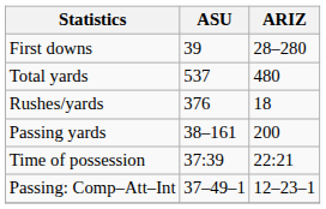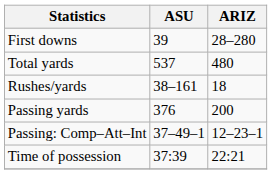 <table class="wikitable" style="float: left;">
 <tr>
 <th>Statistics</th>
 <th>ASU</th>
 <th>ARIZ</th>
 </tr>
 <tr>
 <td>First downs</td>
 <td>39</td>
 <td>28–280</td>
 </tr>
 <tr>
 <td>Total yards</td>
 <td>537</td>
 <td>480</td>
 </tr>
 <tr>
 <td>Rushes/yards</td>
-<td>376</td>
+<td>38–161</td>
 <td>18</td>
 </tr>
 <tr>
 <td>Passing yards</td>
-<td>38–161</td>
+<td>376</td>
 <td>200</td>
+</tr>
+<tr>
+<td>Passing: Comp–Att–Int</td>
+<td>37–49–1</td>
+<td>12–23–1</td>
 </tr>
 <tr>
 <td>Time of possession</td>
 <td>37:39</td>
 <td>22:21</td>
 </tr>
 <tr>
-<td>Passing: Comp–Att–Int</td>
-<td>37–49–1</td>
-<td>12–23–1</td>
-</tr>
-<tr>
 </tr>
 </table>
